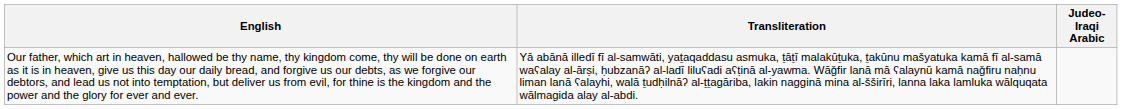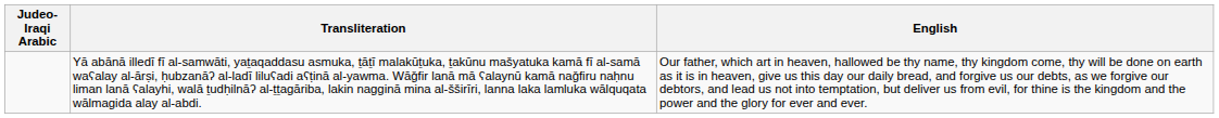 <table class="wikitable">
 <tr>
+<th>Judeo-Iraqi Arabic</th>
+<th>Transliteration</th>
 <th>English</th>
-<th>Transliteration</th>
-<th>Judeo-Iraqi Arabic</th>
 </tr>
 <tr>
+<td></td>
+<td>Yā abānā illedī fī al-samwāti, yaṯaqaddasu asmuka, ṯāṯī malakūṯuka, ṯakūnu mašyatuka kamā fī al-samā waʕalay al-ārṣi, ḥubzanāʔ al-ladī liluʕadi aʕṭinā al-yawma. Wāǧfir lanā mā ʕalaynū kamā naǧfiru naḥnu liman lanā ʕalayhi, walā ṯudḥilnāʔ al-ṯṯagāriba, lakin nagginā mina al-šširīri, lanna laka lamluka wālquqata wālmagida alay al-abdi.</td>
 <td>Our father, which art in heaven, hallowed be thy name, thy kingdom come, thy will be done on earth as it is in heaven, give us this day our daily bread, and forgive us our debts, as we forgive our debtors, and lead us not into temptation, but deliver us from evil, for thine is the kingdom and the power and the glory for ever and ever.</td>
-<td>Yā abānā illedī fī al-samwāti, yaṯaqaddasu asmuka, ṯāṯī malakūṯuka, ṯakūnu mašyatuka kamā fī al-samā waʕalay al-ārṣi, ḥubzanāʔ al-ladī liluʕadi aʕṭinā al-yawma. Wāǧfir lanā mā ʕalaynū kamā naǧfiru naḥnu liman lanā ʕalayhi, walā ṯudḥilnāʔ al-ṯṯagāriba, lakin nagginā mina al-šširīri, lanna laka lamluka wālquqata wālmagida alay al-abdi.</td>
-<td></td>
 </tr>
 </table>
